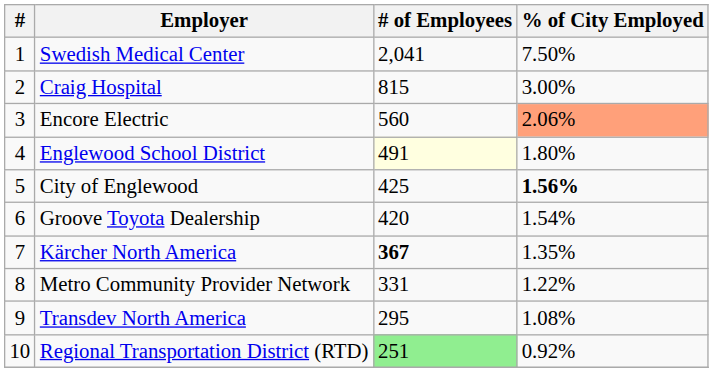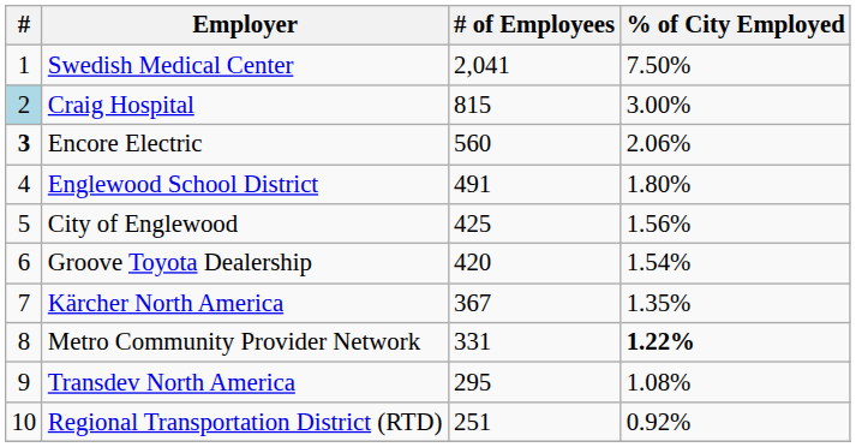 <table class="wikitable">
 <tr>
 <th>#</th>
 <th>Employer</th>
 <th># of Employees</th>
 <th>% of City Employed</th>
 </tr>
 <tr>
 <td style="text-align:center;">1</td>
 <td><a href='#'>Swedish Medical Center</a></td>
 <td>2,041</td>
 <td>7.50%</td>
 </tr>
 <tr>
-<td style="text-align:center;">2</td>
+<td style="background: lightblue; text-align:center;">2</td>
 <td><a href='#'>Craig Hospital</a></td>
 <td>815</td>
 <td>3.00%</td>
 </tr>
 <tr>
-<td style="text-align:center;">3</td>
+<td style="text-align:center;"><strong>3</strong></td>
 <td>Encore Electric</td>
 <td>560</td>
-<td style="background: lightsalmon;">2.06%</td>
+<td>2.06%</td>
 </tr>
 <tr>
 <td style="text-align:center;">4</td>
 <td><a href='#'>Englewood School District</a></td>
-<td style="background: lightyellow;">491</td>
+<td>491</td>
 <td>1.80%</td>
 </tr>
 <tr>
 <td style="text-align:center;">5</td>
 <td>City of Englewood</td>
 <td>425</td>
-<td><strong>1.56%</strong></td>
+<td>1.56%</td>
 </tr>
 <tr>
 <td style="text-align:center;">6</td>
 <td>Groove <a href='#'>Toyota</a> Dealership</td>
 <td>420</td>
 <td>1.54%</td>
 </tr>
 <tr>
 <td style="text-align:center;">7</td>
 <td><a href='#'>Kärcher North America</a></td>
-<td><strong>367</strong></td>
+<td>367</td>
 <td>1.35%</td>
 </tr>
 <tr>
 <td style="text-align:center;">8</td>
 <td>Metro Community Provider Network</td>
 <td>331</td>
-<td>1.22%</td>
+<td><strong>1.22%</strong></td>
 </tr>
 <tr>
 <td style="text-align:center;">9</td>
 <td><a href='#'>Transdev North America</a></td>
 <td>295</td>
 <td>1.08%</td>
 </tr>
 <tr>
 <td style="text-align:center;">10</td>
 <td><a href='#'>Regional Transportation District</a> (RTD)</td>
-<td style="background: lightgreen;">251</td>
+<td>251</td>
 <td>0.92%</td>
 </tr>
 <tr>
 </tr>
 </table>
